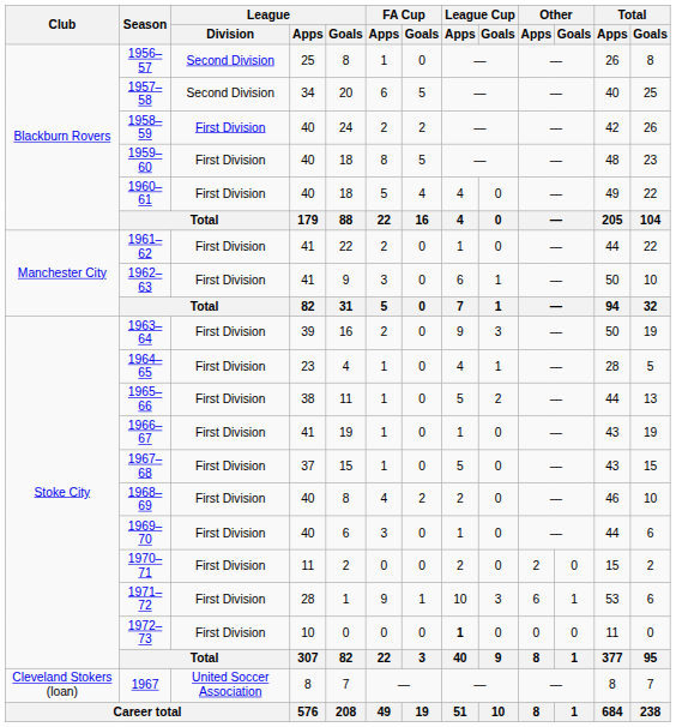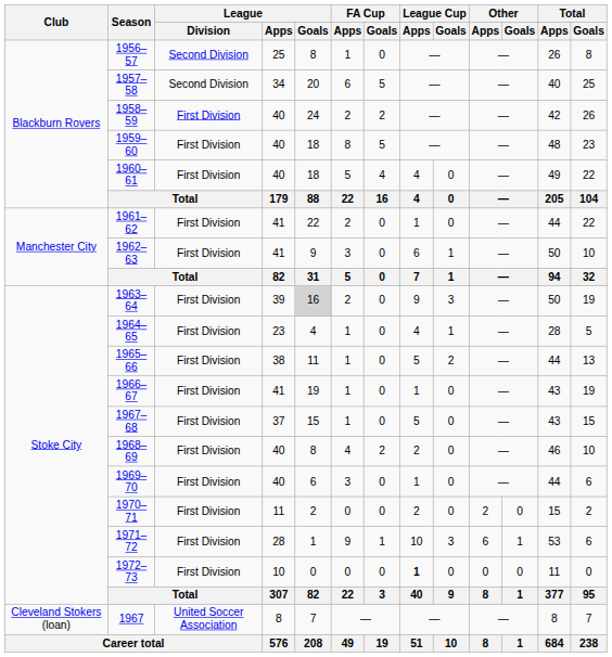 <table class="wikitable" style="text-align:center">
 <tr>
 <th rowspan="2">Club</th>
 <th rowspan="2">Season</th>
 <th colspan="3">League</th>
 <th colspan="2">FA Cup</th>
 <th colspan="2">League Cup</th>
 <th colspan="2">Other</th>
 <th colspan="2">Total</th>
 </tr>
 <tr>
 <th>Division</th>
 <th>Apps</th>
 <th>Goals</th>
 <th>Apps</th>
 <th>Goals</th>
 <th>Apps</th>
 <th>Goals</th>
 <th>Apps</th>
 <th>Goals</th>
 <th>Apps</th>
 <th>Goals</th>
 </tr>
 <tr>
 <td rowspan="6"><a href='#'>Blackburn Rovers</a></td>
 <td><a href='#'>1956–57</a></td>
 <td><a href='#'>Second Division</a></td>
 <td>25</td>
 <td>8</td>
 <td>1</td>
 <td>0</td>
 <td colspan="2">—</td>
 <td colspan="2">—</td>
 <td>26</td>
 <td>8</td>
 </tr>
 <tr>
 <td><a href='#'>1957–58</a></td>
 <td>Second Division</td>
 <td>34</td>
 <td>20</td>
 <td>6</td>
 <td>5</td>
 <td colspan="2">—</td>
 <td colspan="2">—</td>
 <td>40</td>
 <td>25</td>
 </tr>
 <tr>
 <td><a href='#'>1958–59</a></td>
 <td><a href='#'>First Division</a></td>
 <td>40</td>
 <td>24</td>
 <td>2</td>
 <td>2</td>
 <td colspan="2">—</td>
 <td colspan="2">—</td>
 <td>42</td>
 <td>26</td>
 </tr>
 <tr>
 <td><a href='#'>1959–60</a></td>
 <td>First Division</td>
 <td>40</td>
 <td>18</td>
 <td>8</td>
 <td>5</td>
 <td colspan="2">—</td>
 <td colspan="2">—</td>
 <td>48</td>
 <td>23</td>
 </tr>
 <tr>
 <td><a href='#'>1960–61</a></td>
 <td>First Division</td>
 <td>40</td>
 <td>18</td>
 <td>5</td>
 <td>4</td>
 <td>4</td>
 <td>0</td>
 <td colspan="2">—</td>
 <td>49</td>
 <td>22</td>
 </tr>
 <tr>
 <th colspan="2">Total</th>
 <th>179</th>
 <th>88</th>
 <th>22</th>
 <th>16</th>
 <th>4</th>
 <th>0</th>
 <th colspan="2">—</th>
 <th>205</th>
 <th>104</th>
 </tr>
 <tr>
 <td rowspan="3"><a href='#'>Manchester City</a></td>
 <td><a href='#'>1961–62</a></td>
 <td>First Division</td>
 <td>41</td>
 <td>22</td>
 <td>2</td>
 <td>0</td>
 <td>1</td>
 <td>0</td>
 <td colspan="2">—</td>
 <td>44</td>
 <td>22</td>
 </tr>
 <tr>
 <td><a href='#'>1962–63</a></td>
 <td>First Division</td>
 <td>41</td>
 <td>9</td>
 <td>3</td>
 <td>0</td>
 <td>6</td>
 <td>1</td>
 <td colspan="2">—</td>
 <td>50</td>
 <td>10</td>
 </tr>
 <tr>
 <th colspan="2">Total</th>
 <th>82</th>
 <th>31</th>
 <th>5</th>
 <th>0</th>
 <th>7</th>
 <th>1</th>
 <th colspan="2">—</th>
 <th>94</th>
 <th>32</th>
 </tr>
 <tr>
 <td rowspan="11"><a href='#'>Stoke City</a></td>
 <td><a href='#'>1963–64</a></td>
 <td>First Division</td>
 <td>39</td>
-<td>16</td>
+<td style="background: lightgrey;">16</td>
 <td>2</td>
 <td>0</td>
 <td>9</td>
 <td>3</td>
 <td colspan="2">—</td>
 <td>50</td>
 <td>19</td>
 </tr>
 <tr>
 <td><a href='#'>1964–65</a></td>
 <td>First Division</td>
 <td>23</td>
 <td>4</td>
 <td>1</td>
 <td>0</td>
 <td>4</td>
 <td>1</td>
 <td colspan="2">—</td>
 <td>28</td>
 <td>5</td>
 </tr>
 <tr>
 <td><a href='#'>1965–66</a></td>
 <td>First Division</td>
 <td>38</td>
 <td>11</td>
 <td>1</td>
 <td>0</td>
 <td>5</td>
 <td>2</td>
 <td colspan="2">—</td>
 <td>44</td>
 <td>13</td>
 </tr>
 <tr>
 <td><a href='#'>1966–67</a></td>
 <td>First Division</td>
 <td>41</td>
 <td>19</td>
 <td>1</td>
 <td>0</td>
 <td>1</td>
 <td>0</td>
 <td colspan="2">—</td>
 <td>43</td>
 <td>19</td>
 </tr>
 <tr>
 <td><a href='#'>1967–68</a></td>
 <td>First Division</td>
 <td>37</td>
 <td>15</td>
 <td>1</td>
 <td>0</td>
 <td>5</td>
 <td>0</td>
 <td colspan="2">—</td>
 <td>43</td>
 <td>15</td>
 </tr>
 <tr>
 <td><a href='#'>1968–69</a></td>
 <td>First Division</td>
 <td>40</td>
 <td>8</td>
 <td>4</td>
 <td>2</td>
 <td>2</td>
 <td>0</td>
 <td colspan="2">—</td>
 <td>46</td>
 <td>10</td>
 </tr>
 <tr>
 <td><a href='#'>1969–70</a></td>
 <td>First Division</td>
 <td>40</td>
 <td>6</td>
 <td>3</td>
 <td>0</td>
 <td>1</td>
 <td>0</td>
 <td colspan="2">—</td>
 <td>44</td>
 <td>6</td>
 </tr>
 <tr>
 <td><a href='#'>1970–71</a></td>
 <td>First Division</td>
 <td>11</td>
 <td>2</td>
 <td>0</td>
 <td>0</td>
 <td>2</td>
 <td>0</td>
 <td>2</td>
 <td>0</td>
 <td>15</td>
 <td>2</td>
 </tr>
 <tr>
 <td><a href='#'>1971–72</a></td>
 <td>First Division</td>
 <td>28</td>
 <td>1</td>
 <td>9</td>
 <td>1</td>
 <td>10</td>
 <td>3</td>
 <td>6</td>
 <td>1</td>
 <td>53</td>
 <td>6</td>
 </tr>
 <tr>
 <td><a href='#'>1972–73</a></td>
 <td>First Division</td>
 <td>10</td>
 <td>0</td>
 <td>0</td>
 <td>0</td>
 <td><strong>1</strong></td>
 <td>0</td>
 <td>0</td>
 <td>0</td>
 <td>11</td>
 <td>0</td>
 </tr>
 <tr>
 <th colspan="2">Total</th>
 <th>307</th>
 <th>82</th>
 <th>22</th>
 <th>3</th>
 <th>40</th>
 <th>9</th>
 <th>8</th>
 <th>1</th>
 <th>377</th>
 <th>95</th>
 </tr>
 <tr>
 <td><a href='#'>Cleveland Stokers</a> (loan)</td>
 <td><a href='#'>1967</a></td>
 <td><a href='#'>United Soccer Association</a></td>
 <td>8</td>
 <td>7</td>
 <td colspan="2">—</td>
 <td colspan="2">—</td>
 <td colspan="2">—</td>
 <td>8</td>
 <td>7</td>
 </tr>
 <tr>
 <th colspan="3">Career total</th>
 <th>576</th>
 <th>208</th>
 <th>49</th>
 <th>19</th>
 <th>51</th>
 <th>10</th>
 <th>8</th>
 <th>1</th>
 <th>684</th>
 <th>238</th>
 </tr>
 </table>
